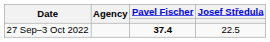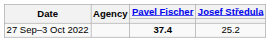 <table class="wikitable" style=text-align:center;font-size:85%;line-height:14px;">
 <tr>
 <th rowspan="2">Date</th>
 <th rowspan="2">Agency</th>
 <th><a href='#'>Pavel Fischer</a></th>
 <th><a href='#'>Josef Středula</a></th>
 </tr>
 <tr>
 <th style="background:"></th>
 <th style="background:"></th>
 </tr>
 <tr>
 <td>27 Sep–3 Oct 2022</td>
 <td></td>
 <td><strong>37.4</strong></td>
-<td>22.5</td>
+<td>25.2</td>
 </tr>
 </table>
